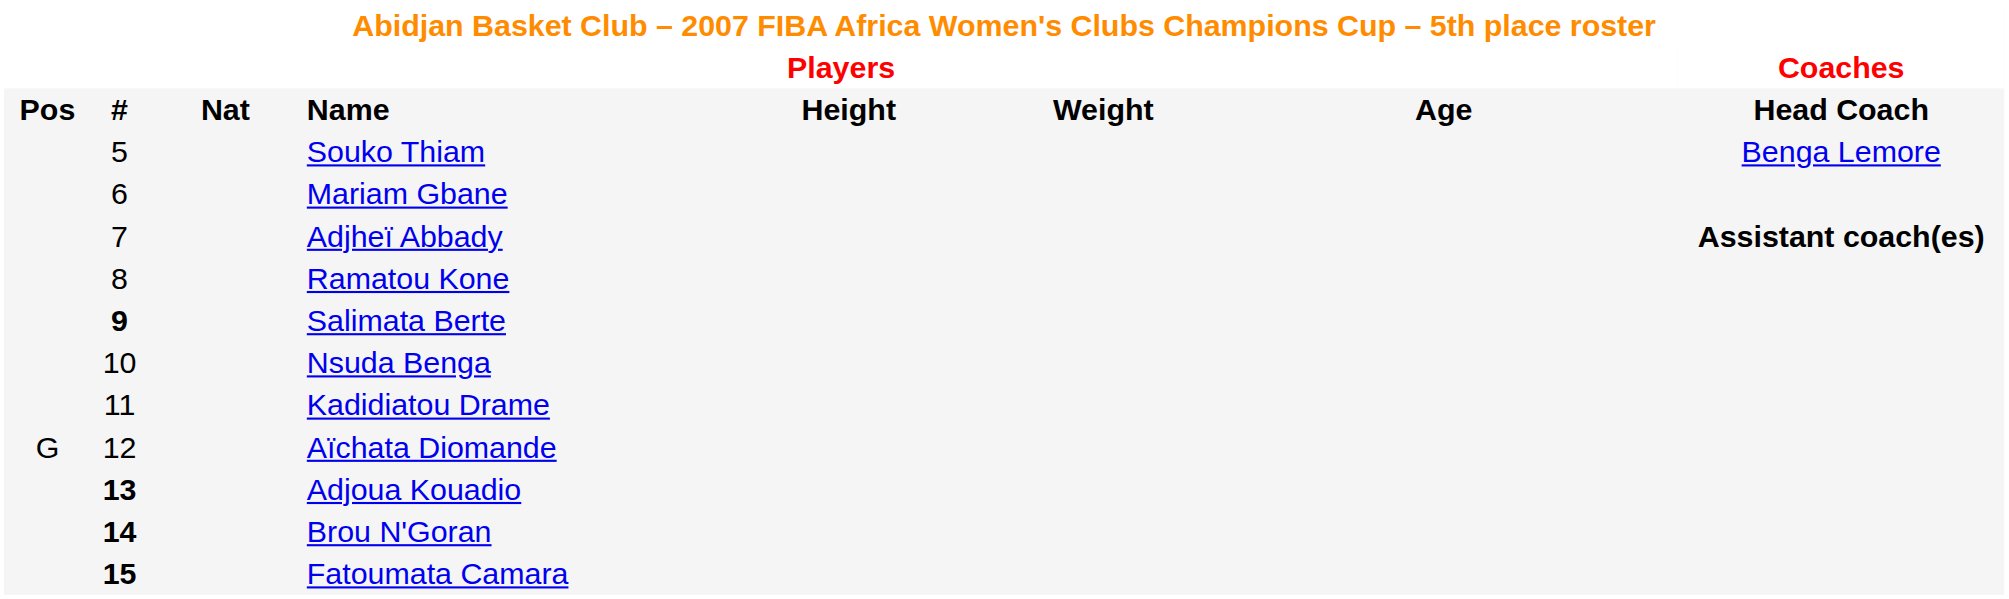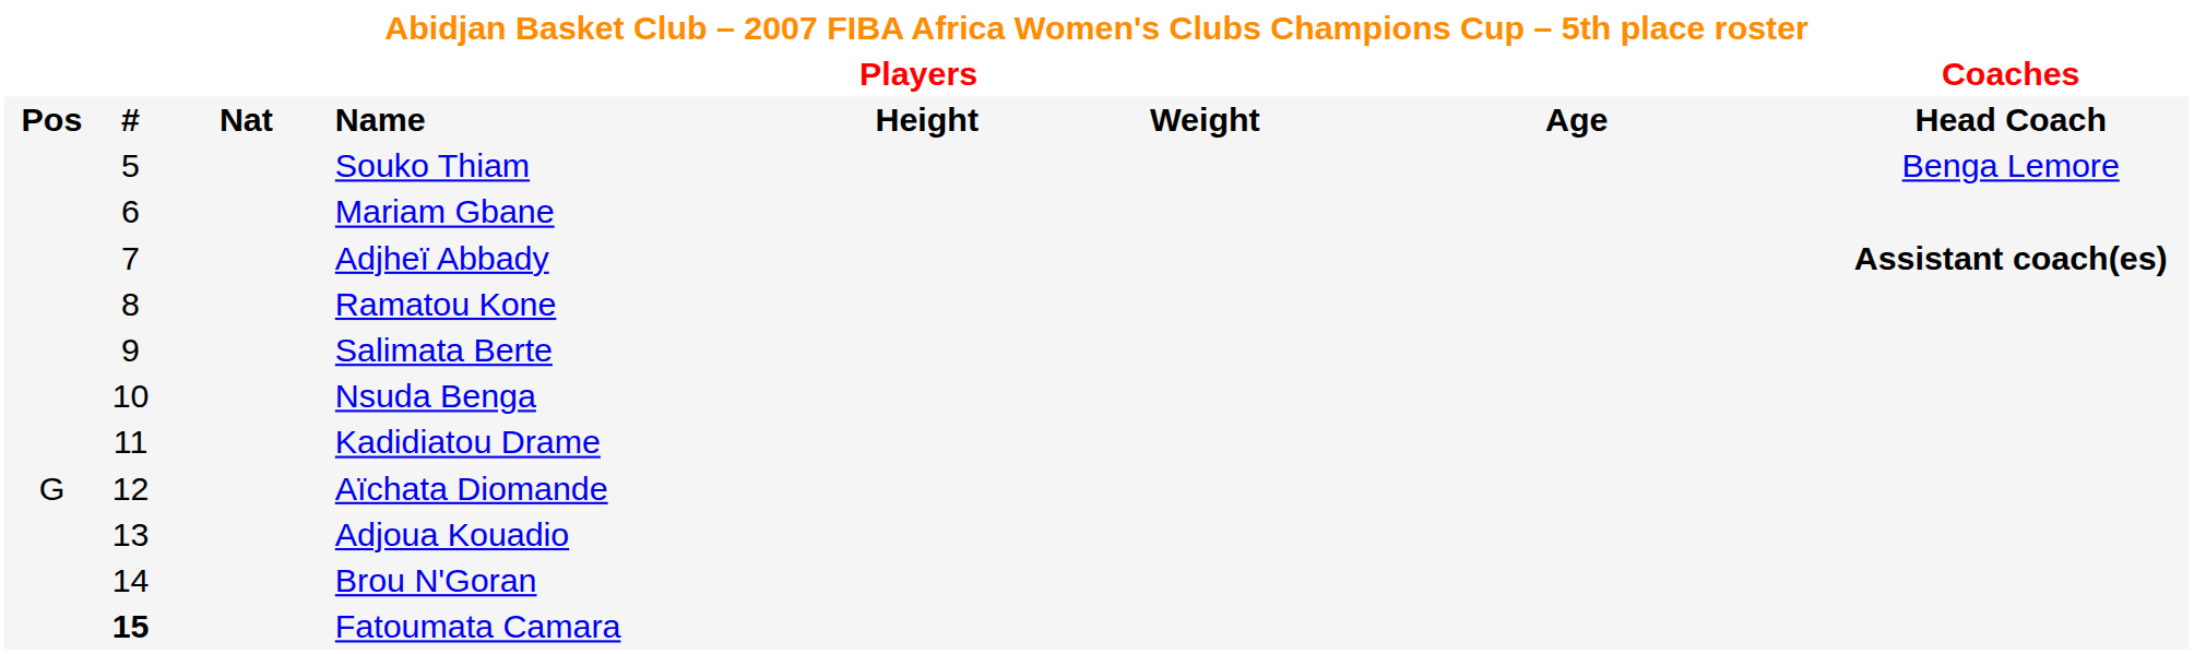 <table border=0 cellpadding=2 cellspacing=0  |- bgcolor=#f5f5f5 style="text-align:center; font-size:90%;" width=75%>
 <tr>
 <td colspan="8" style="background: white; color: #ff8c00"><strong>Abidjan Basket Club – 2007 FIBA Africa Women's Clubs Champions Cup – 5th place roster</strong></td>
 </tr>
 <tr>
 <td colspan="7" style="background: white; color: red"><strong>Players</strong></td>
 <td style="background: white; color: red"><strong>Coaches</strong></td>
 </tr>
 <tr style="background=#f5f5f5; color: black">
 <th width=5px>Pos</th>
 <th width=5px>#</th>
 <th width=50px>Nat</th>
 <th width=135px align=left>Name</th>
 <th width=100px>Height</th>
 <th width=70px>Weight</th>
 <th width=160px>Age</th>
 <th width=110px>Head Coach</th>
 </tr>
 <tr>
 <td></td>
 <td>5</td>
 <td></td>
 <td align=left><a href='#'>Souko Thiam</a></td>
 <td></td>
 <td></td>
 <td><span></span></td>
 <td> <a href='#'>Benga Lemore</a></td>
 </tr>
 <tr>
 <td></td>
 <td>6</td>
 <td></td>
 <td align=left><a href='#'>Mariam Gbane</a></td>
 <td></td>
 <td></td>
 <td><span></span></td>
 </tr>
 <tr>
 <td></td>
 <td>7</td>
 <td></td>
 <td align=left><a href='#'>Adjheï Abbady</a></td>
 <td></td>
 <td></td>
 <td><span></span></td>
 <td><strong>Assistant coach(es)</strong></td>
 </tr>
 <tr>
 <td></td>
 <td>8</td>
 <td></td>
 <td align=left><a href='#'>Ramatou Kone</a></td>
 <td></td>
 <td></td>
 <td><span></span></td>
 <td></td>
 </tr>
 <tr>
 <td></td>
-<td><strong>9</strong></td>
+<td>9</td>
 <td></td>
 <td align=left><a href='#'>Salimata Berte</a></td>
 <td></td>
 <td></td>
 <td><span></span></td>
 <td></td>
 </tr>
 <tr>
 <td></td>
 <td>10</td>
 <td></td>
 <td align=left><a href='#'>Nsuda Benga</a></td>
 <td></td>
 <td></td>
 <td><span></span></td>
 </tr>
 <tr>
 <td></td>
 <td>11</td>
 <td></td>
 <td align=left><a href='#'>Kadidiatou Drame</a></td>
 <td></td>
 <td></td>
 <td><span></span></td>
 </tr>
 <tr>
 <td>G</td>
 <td>12</td>
 <td></td>
 <td align=left><a href='#'>Aïchata Diomande</a></td>
 <td><span></span></td>
 <td></td>
 <td><span></span></td>
 </tr>
 <tr>
 <td></td>
-<td><strong>13</strong></td>
+<td>13</td>
 <td></td>
 <td align=left><a href='#'>Adjoua Kouadio</a></td>
 <td></td>
 <td></td>
 <td><span></span></td>
 </tr>
 <tr>
 <td></td>
-<td><strong>14</strong></td>
+<td>14</td>
 <td></td>
 <td align=left><a href='#'>Brou N'Goran</a></td>
 <td></td>
 <td></td>
 <td><span></span></td>
 </tr>
 <tr>
 <td></td>
 <td><strong>15</strong></td>
 <td></td>
 <td align=left><a href='#'>Fatoumata Camara</a></td>
 <td></td>
 <td></td>
 <td><span></span></td>
 </tr>
 </table>
